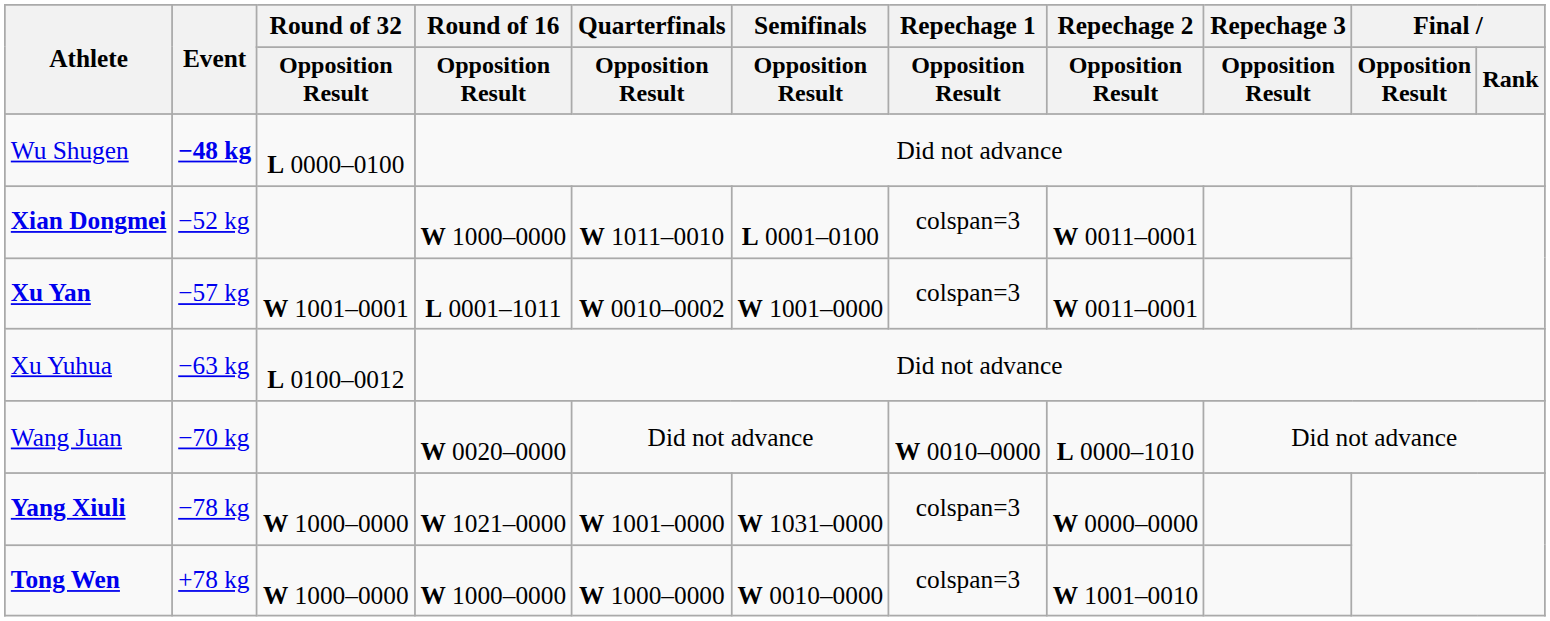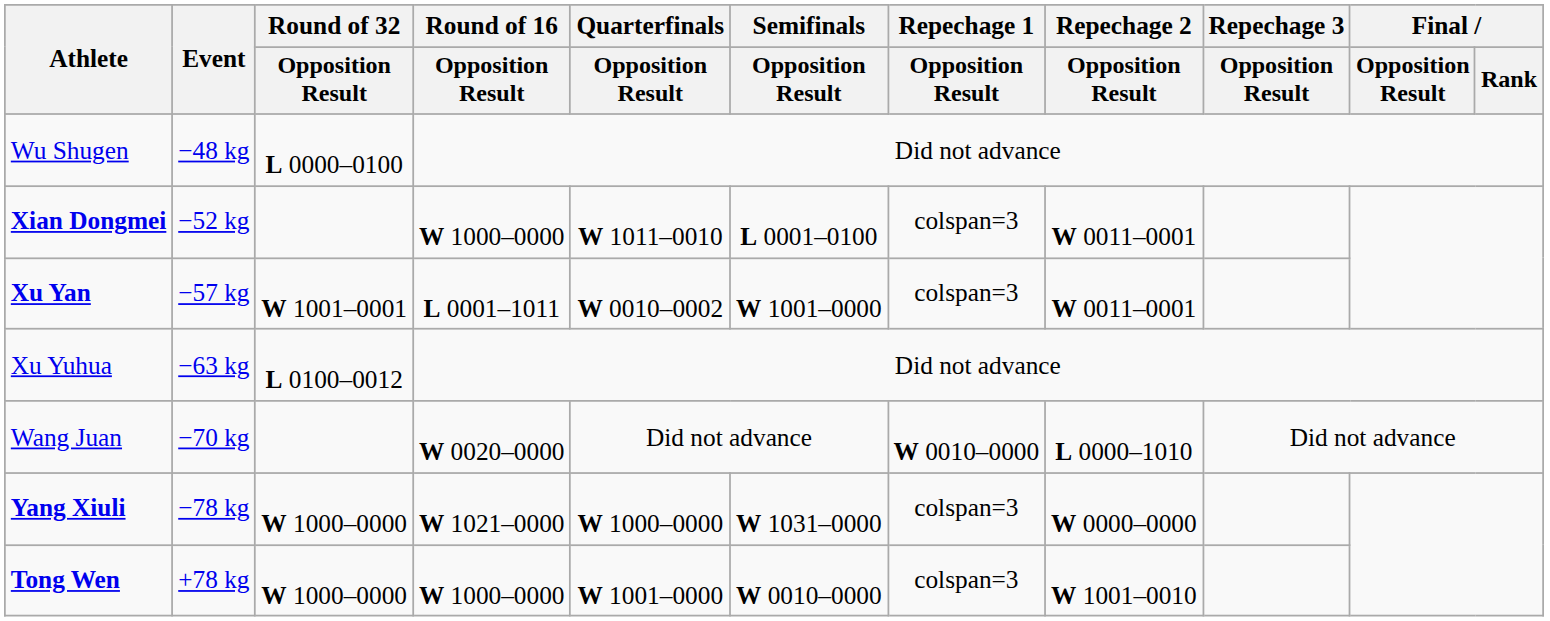 <table class="wikitable" style="font-size:90%">
 <tr>
 <th rowspan="2">Athlete</th>
 <th rowspan="2">Event</th>
 <th>Round of 32</th>
 <th>Round of 16</th>
 <th>Quarterfinals</th>
 <th>Semifinals</th>
 <th>Repechage 1</th>
 <th>Repechage 2</th>
 <th>Repechage 3</th>
 <th colspan=2>Final / </th>
 </tr>
 <tr style="font-size:95%">
 <th>Opposition<br>Result</th>
 <th>Opposition<br>Result</th>
 <th>Opposition<br>Result</th>
 <th>Opposition<br>Result</th>
 <th>Opposition<br>Result</th>
 <th>Opposition<br>Result</th>
 <th>Opposition<br>Result</th>
 <th>Opposition<br>Result</th>
 <th>Rank</th>
 </tr>
 <tr align=center>
 <td align=left><a href='#'>Wu Shugen</a></td>
-<td align=left><strong><a href='#'>−48 kg</a></strong></td>
+<td align=left><a href='#'>−48 kg</a></td>
 <td><br><strong>L</strong> 0000–0100</td>
 <td colspan=8>Did not advance</td>
 </tr>
 <tr align=center>
 <td align=left><strong><a href='#'>Xian Dongmei</a></strong></td>
 <td align=left><a href='#'>−52 kg</a></td>
 <td></td>
 <td><br><strong>W</strong> 1000–0000</td>
 <td><br><strong>W</strong> 1011–0010</td>
 <td><br><strong>L</strong> 0001–0100</td>
 <td>colspan=3 </td>
 <td><br><strong>W</strong> 0011–0001</td>
 <td></td>
 </tr>
 <tr align=center>
 <td align=left><strong><a href='#'>Xu Yan</a></strong></td>
 <td align=left><a href='#'>−57 kg</a></td>
 <td><br><strong>W</strong> 1001–0001</td>
 <td><br><strong>L</strong> 0001–1011</td>
 <td><br><strong>W</strong> 0010–0002</td>
 <td><br><strong>W</strong> 1001–0000</td>
 <td>colspan=3 </td>
 <td><br><strong>W</strong> 0011–0001</td>
 <td></td>
 </tr>
 <tr align=center>
 <td align=left><a href='#'>Xu Yuhua</a></td>
 <td align=left><a href='#'>−63 kg</a></td>
 <td><br><strong>L</strong> 0100–0012</td>
 <td colspan=8>Did not advance</td>
 </tr>
 <tr align=center>
 <td align=left><a href='#'>Wang Juan</a></td>
 <td align=left><a href='#'>−70 kg</a></td>
 <td></td>
 <td><br><strong>W</strong> 0020–0000</td>
 <td colspan=2>Did not advance</td>
 <td><br><strong>W</strong> 0010–0000</td>
 <td><br><strong>L</strong> 0000–1010</td>
 <td colspan=3>Did not advance</td>
 </tr>
 <tr align=center>
 <td align=left><strong><a href='#'>Yang Xiuli</a></strong></td>
 <td align=left><a href='#'>−78 kg</a></td>
 <td><br><strong>W</strong> 1000–0000</td>
 <td><br><strong>W</strong> 1021–0000</td>
-<td><br><strong>W</strong> 1001–0000</td>
+<td><br><strong>W</strong> 1000–0000</td>
 <td><br><strong>W</strong> 1031–0000</td>
 <td>colspan=3 </td>
 <td><br><strong>W</strong> 0000–0000 </td>
 <td></td>
 </tr>
 <tr align=center>
 <td align=left><strong><a href='#'>Tong Wen</a></strong></td>
 <td align=left><a href='#'>+78 kg</a></td>
 <td><br><strong>W</strong> 1000–0000</td>
 <td><br><strong>W</strong> 1000–0000</td>
-<td><br><strong>W</strong> 1000–0000</td>
+<td><br><strong>W</strong> 1001–0000</td>
 <td><br><strong>W</strong> 0010–0000</td>
 <td>colspan=3 </td>
 <td><br><strong>W</strong> 1001–0010</td>
 <td></td>
 </tr>
 </table>
